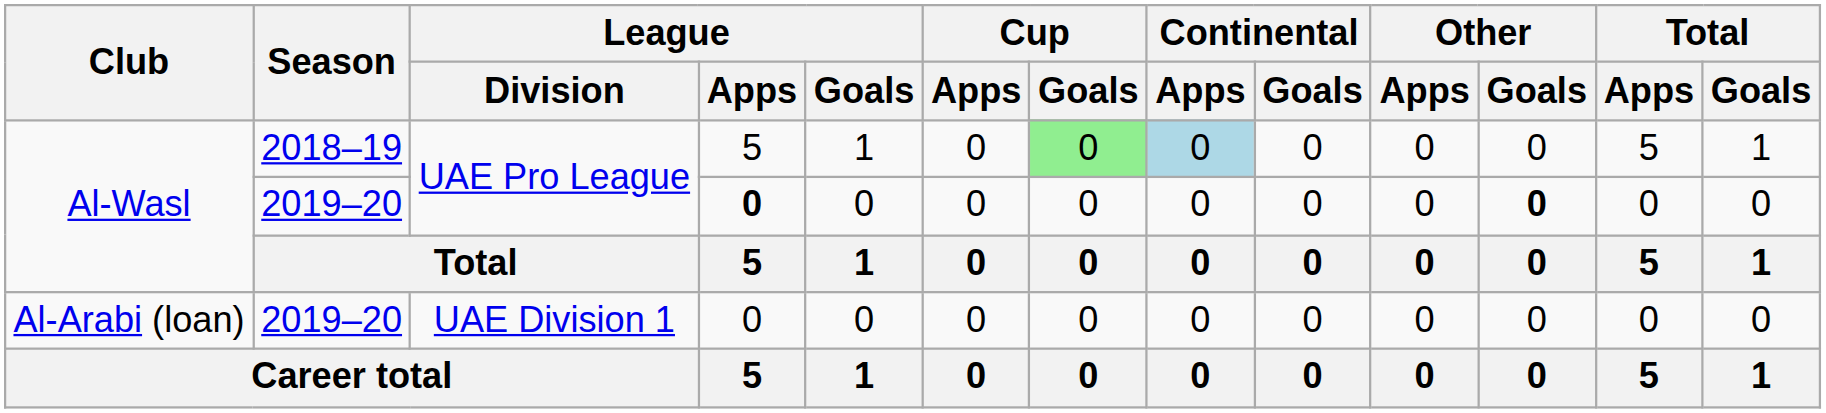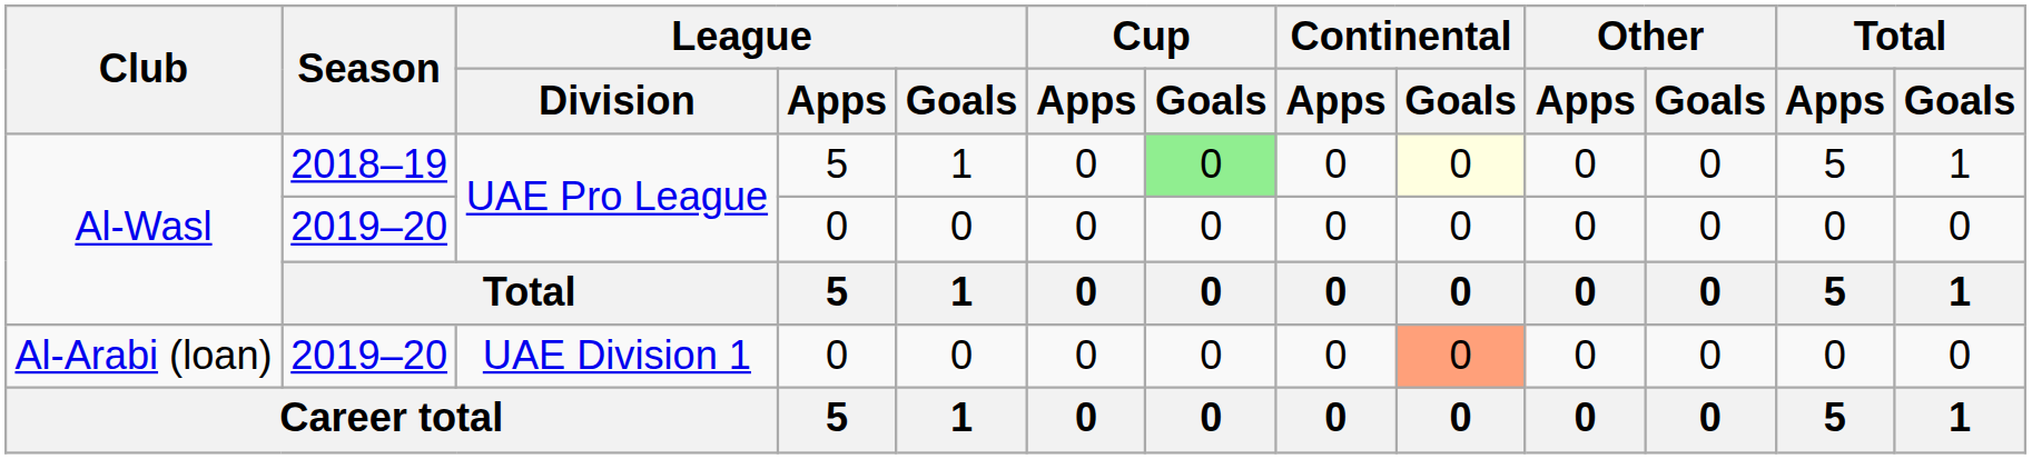 <table class="wikitable" style="text-align: center">
 <tr>
 <th rowspan="2">Club</th>
 <th rowspan="2">Season</th>
 <th colspan="3">League</th>
 <th colspan="2">Cup</th>
 <th colspan="2">Continental</th>
 <th colspan="2">Other</th>
 <th colspan="2">Total</th>
 </tr>
 <tr>
 <th>Division</th>
 <th>Apps</th>
 <th>Goals</th>
 <th>Apps</th>
 <th>Goals</th>
 <th>Apps</th>
 <th>Goals</th>
 <th>Apps</th>
 <th>Goals</th>
 <th>Apps</th>
 <th>Goals</th>
 </tr>
 <tr>
 <td rowspan=3><a href='#'>Al-Wasl</a></td>
 <td><a href='#'>2018–19</a></td>
 <td rowspan=2><a href='#'>UAE Pro League</a></td>
 <td>5</td>
 <td>1</td>
 <td>0</td>
 <td style="background: lightgreen;">0</td>
-<td style="background: lightblue;">0</td>
 <td>0</td>
+<td style="background: lightyellow;">0</td>
 <td>0</td>
 <td>0</td>
 <td>5</td>
 <td>1</td>
 </tr>
 <tr>
 <td><a href='#'>2019–20</a></td>
-<td><strong>0</strong></td>
 <td>0</td>
 <td>0</td>
 <td>0</td>
 <td>0</td>
 <td>0</td>
 <td>0</td>
-<td><strong>0</strong></td>
+<td>0</td>
+<td>0</td>
 <td>0</td>
 <td>0</td>
 </tr>
 <tr>
 <th colspan=2>Total</th>
 <th>5</th>
 <th>1</th>
 <th>0</th>
 <th>0</th>
 <th>0</th>
 <th>0</th>
 <th>0</th>
 <th>0</th>
 <th>5</th>
 <th>1</th>
 </tr>
 <tr>
 <td><a href='#'>Al-Arabi</a> (loan)</td>
 <td><a href='#'>2019–20</a></td>
 <td><a href='#'>UAE Division 1</a></td>
 <td>0</td>
 <td>0</td>
 <td>0</td>
 <td>0</td>
 <td>0</td>
-<td>0</td>
+<td style="background: lightsalmon;">0</td>
 <td>0</td>
 <td>0</td>
 <td>0</td>
 <td>0</td>
 </tr>
 <tr>
 <th colspan="3"><strong>Career total</strong></th>
 <th>5</th>
 <th>1</th>
 <th>0</th>
 <th>0</th>
 <th>0</th>
 <th>0</th>
 <th>0</th>
 <th>0</th>
 <th>5</th>
 <th>1</th>
 </tr>
 </table>
